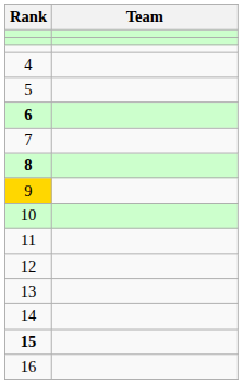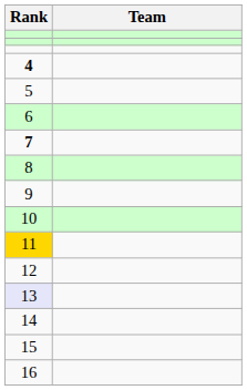 <table class="wikitable" style="text-align: center;">
 <tr>
 <th width=40>Rank</th>
 <th width=180>Team</th>
 </tr>
 <tr bgcolor=#ccffcc>
 <td></td>
 <td align=left></td>
 </tr>
 <tr bgcolor=#ccffcc>
 <td></td>
 <td align=left></td>
 </tr>
 <tr>
 <td></td>
 <td align=left></td>
 </tr>
 <tr>
-<td>4</td>
+<td><strong>4</strong></td>
 <td align=left></td>
 </tr>
 <tr>
 <td>5</td>
 <td align=left></td>
 </tr>
 <tr bgcolor=#ccffcc>
-<td><strong>6</strong></td>
+<td>6</td>
 <td align=left></td>
 </tr>
 <tr>
-<td>7</td>
+<td><strong>7</strong></td>
 <td align=left></td>
 </tr>
 <tr bgcolor=#ccffcc>
-<td><strong>8</strong></td>
+<td>8</td>
 <td align=left></td>
 </tr>
 <tr>
-<td style="background: gold;">9</td>
+<td>9</td>
 <td align=left></td>
 </tr>
 <tr bgcolor=#ccffcc>
 <td>10</td>
 <td align=left></td>
 </tr>
 <tr>
-<td>11</td>
+<td style="background: gold;">11</td>
 <td align=left></td>
 </tr>
 <tr>
 <td>12</td>
 <td align=left></td>
 </tr>
 <tr>
-<td>13</td>
+<td style="background: lavender;">13</td>
 <td align=left></td>
 </tr>
 <tr>
 <td>14</td>
 <td align=left></td>
 </tr>
 <tr>
-<td><strong>15</strong></td>
+<td>15</td>
 <td align=left></td>
 </tr>
 <tr>
 <td>16</td>
 <td align=left></td>
 </tr>
 </table>
